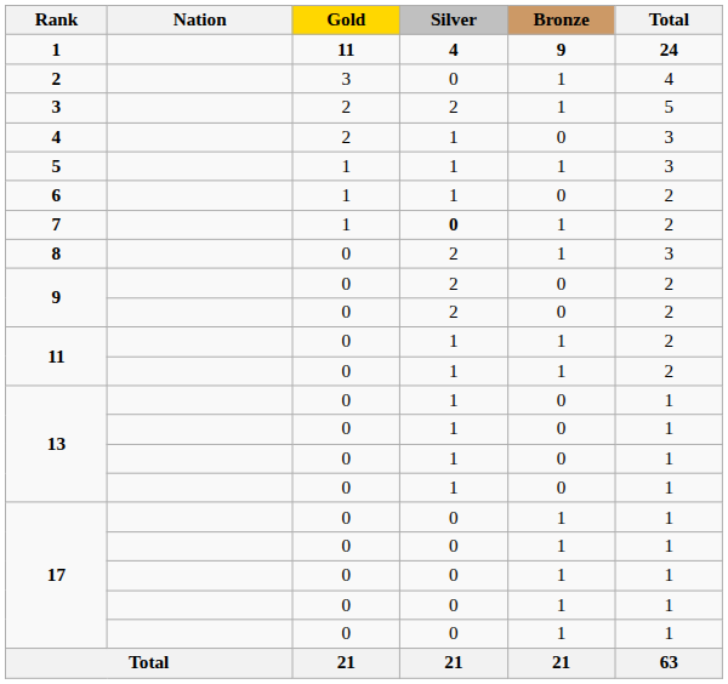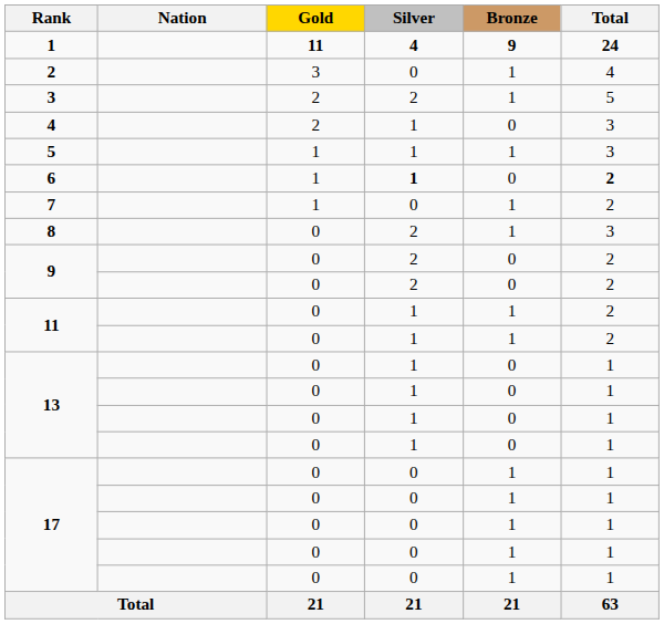 <table class="wikitable collapsible autocollapse plainrowheaders" width=70.5% style="text-align:center;">
 <tr style="background-color:#EDEDED;">
 <th width=100px class="hintergrundfarbe5">Rank</th>
 <th width=200px class="hintergrundfarbe6">Nation</th>
 <th style="background:    gold; width:15%">Gold</th>
 <th style="background:  silver; width:15%">Silver</th>
 <th style="background: #CC9966; width:15%">Bronze</th>
 <th class="hintergrundfarbe6" style="width:15%">Total</th>
 </tr>
 <tr>
 <td><strong>1</strong></td>
 <td align=left></td>
 <td><strong>11</strong></td>
 <td><strong>4</strong></td>
 <td><strong>9</strong></td>
 <td><strong>24</strong></td>
 </tr>
 <tr>
 <td><strong>2</strong></td>
 <td align=left></td>
 <td>3</td>
 <td>0</td>
 <td>1</td>
 <td>4</td>
 </tr>
 <tr>
 <td><strong>3</strong></td>
 <td align=left></td>
 <td>2</td>
 <td>2</td>
 <td>1</td>
 <td>5</td>
 </tr>
 <tr>
 <td><strong>4</strong></td>
 <td align=left></td>
 <td>2</td>
 <td>1</td>
 <td>0</td>
 <td>3</td>
 </tr>
 <tr>
 <td><strong>5</strong></td>
 <td align=left><em></em></td>
 <td>1</td>
 <td>1</td>
 <td>1</td>
 <td>3</td>
 </tr>
 <tr>
 <td><strong>6</strong></td>
 <td align=left></td>
 <td>1</td>
-<td>1</td>
+<td><strong>1</strong></td>
 <td>0</td>
-<td>2</td>
+<td><strong>2</strong></td>
 </tr>
 <tr>
 <td><strong>7</strong></td>
 <td align=left><em></em></td>
 <td>1</td>
-<td><strong>0</strong></td>
+<td>0</td>
 <td>1</td>
 <td>2</td>
 </tr>
 <tr>
 <td><strong>8</strong></td>
 <td align=left></td>
 <td>0</td>
 <td>2</td>
 <td>1</td>
 <td>3</td>
 </tr>
 <tr>
 <td rowspan=2><strong>9</strong></td>
 <td align=left></td>
 <td>0</td>
 <td>2</td>
 <td>0</td>
 <td>2</td>
 </tr>
 <tr>
 <td align=left></td>
 <td>0</td>
 <td>2</td>
 <td>0</td>
 <td>2</td>
 </tr>
 <tr>
 <td rowspan=2><strong>11</strong></td>
 <td align=left></td>
 <td>0</td>
 <td>1</td>
 <td>1</td>
 <td>2</td>
 </tr>
 <tr>
 <td align=left></td>
 <td>0</td>
 <td>1</td>
 <td>1</td>
 <td>2</td>
 </tr>
 <tr>
 <td rowspan=4><strong>13</strong></td>
 <td align=left></td>
 <td>0</td>
 <td>1</td>
 <td>0</td>
 <td>1</td>
 </tr>
 <tr>
 <td align=left></td>
 <td>0</td>
 <td>1</td>
 <td>0</td>
 <td>1</td>
 </tr>
 <tr>
 <td align=left></td>
 <td>0</td>
 <td>1</td>
 <td>0</td>
 <td>1</td>
 </tr>
 <tr>
 <td align=left></td>
 <td>0</td>
 <td>1</td>
 <td>0</td>
 <td>1</td>
 </tr>
 <tr>
 <td rowspan=5><strong>17</strong></td>
 <td align=left></td>
 <td>0</td>
 <td>0</td>
 <td>1</td>
 <td>1</td>
 </tr>
 <tr>
 <td align=left></td>
 <td>0</td>
 <td>0</td>
 <td>1</td>
 <td>1</td>
 </tr>
 <tr>
 <td align=left></td>
 <td>0</td>
 <td>0</td>
 <td>1</td>
 <td>1</td>
 </tr>
 <tr>
 <td align=left></td>
 <td>0</td>
 <td>0</td>
 <td>1</td>
 <td>1</td>
 </tr>
 <tr>
 <td align=left><em></em></td>
 <td>0</td>
 <td>0</td>
 <td>1</td>
 <td>1</td>
 </tr>
 <tr>
 <th colspan=2>Total</th>
 <th>21</th>
 <th>21</th>
 <th>21</th>
 <th>63</th>
 </tr>
 </table>
